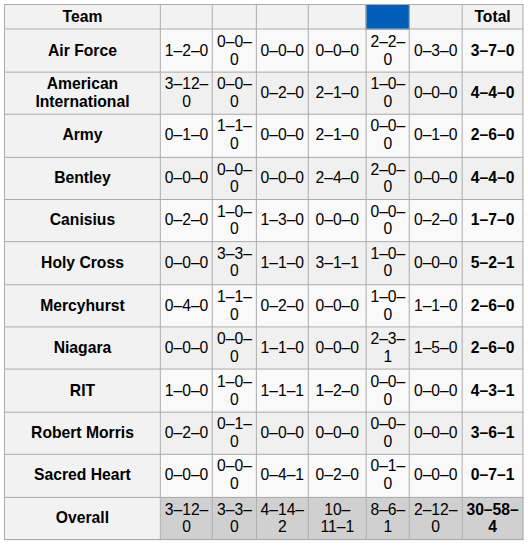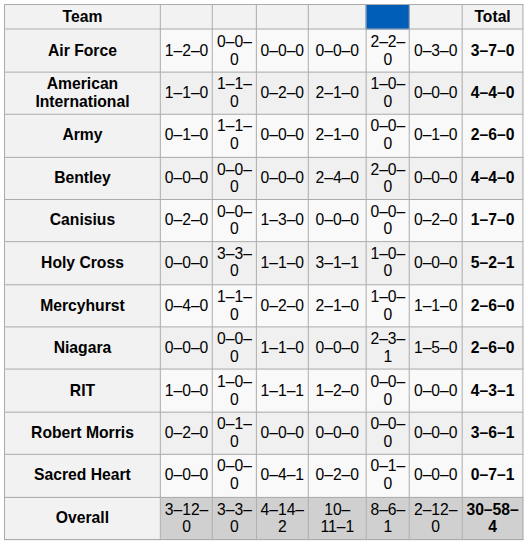 <table class="wikitable" style="text-align: center; "width=60%">
 <tr>
 <th>Team</th>
 <th><a href='#'></a></th>
 <th><a href='#'></a></th>
 <th><a href='#'></a></th>
 <th><a href='#'></a></th>
 <th style="color:white; background:#005EB8"><a href='#'></a></th>
 <th><a href='#'></a></th>
 <th>Total</th>
 </tr>
 <tr>
 <th>Air Force</th>
 <td>1–2–0</td>
 <td>0–0–0</td>
 <td>0–0–0</td>
 <td>0–0–0</td>
 <td>2–2–0</td>
 <td>0–3–0</td>
 <td><strong>3–7–0</strong></td>
 </tr>
 <tr bgcolor=f0f0f0>
 <th>American International</th>
-<td>3–12–0</td>
-<td>0–0–0</td>
+<td>1–1–0</td>
+<td>1–1–0</td>
 <td>0–2–0</td>
 <td>2–1–0</td>
 <td>1–0–0</td>
 <td>0–0–0</td>
 <td><strong>4–4–0</strong></td>
 </tr>
 <tr>
 <th>Army</th>
 <td>0–1–0</td>
 <td>1–1–0</td>
 <td>0–0–0</td>
 <td>2–1–0</td>
 <td>0–0–0</td>
 <td>0–1–0</td>
 <td><strong>2–6–0</strong></td>
 </tr>
 <tr bgcolor=f0f0f0>
 <th>Bentley</th>
 <td>0–0–0</td>
 <td>0–0–0</td>
 <td>0–0–0</td>
 <td>2–4–0</td>
 <td>2–0–0</td>
 <td>0–0–0</td>
 <td><strong>4–4–0</strong></td>
 </tr>
 <tr>
 <th>Canisius</th>
 <td>0–2–0</td>
-<td>1–0–0</td>
+<td>0–0–0</td>
 <td>1–3–0</td>
 <td>0–0–0</td>
 <td>0–0–0</td>
 <td>0–2–0</td>
 <td><strong>1–7–0</strong></td>
 </tr>
 <tr bgcolor=f0f0f0>
 <th>Holy Cross</th>
 <td>0–0–0</td>
 <td>3–3–0</td>
 <td>1–1–0</td>
 <td>3–1–1</td>
 <td>1–0–0</td>
 <td>0–0–0</td>
 <td><strong>5–2–1</strong></td>
 </tr>
 <tr>
 <th>Mercyhurst</th>
 <td>0–4–0</td>
 <td>1–1–0</td>
 <td>0–2–0</td>
-<td>0–0–0</td>
+<td>2–1–0</td>
 <td>1–0–0</td>
 <td>1–1–0</td>
 <td><strong>2–6–0</strong></td>
 </tr>
 <tr bgcolor=f0f0f0>
 <th>Niagara</th>
 <td>0–0–0</td>
 <td>0–0–0</td>
 <td>1–1–0</td>
 <td>0–0–0</td>
 <td>2–3–1</td>
 <td>1–5–0</td>
 <td><strong>2–6–0</strong></td>
 </tr>
 <tr>
 <th>RIT</th>
 <td>1–0–0</td>
 <td>1–0–0</td>
 <td>1–1–1</td>
 <td>1–2–0</td>
 <td>0–0–0</td>
 <td>0–0–0</td>
 <td><strong>4–3–1</strong></td>
 </tr>
 <tr bgcolor=f0f0f0>
 <th>Robert Morris</th>
 <td>0–2–0</td>
 <td>0–1–0</td>
 <td>0–0–0</td>
 <td>0–0–0</td>
 <td>0–0–0</td>
 <td>0–0–0</td>
 <td><strong>3–6–1</strong></td>
 </tr>
 <tr>
 <th>Sacred Heart</th>
 <td>0–0–0</td>
 <td>0–0–0</td>
 <td>0–4–1</td>
 <td>0–2–0</td>
 <td>0–1–0</td>
 <td>0–0–0</td>
 <td><strong>0–7–1</strong></td>
 </tr>
 <tr bgcolor=d0d0d0>
 <th>Overall</th>
 <td>3–12–0</td>
 <td>3–3–0</td>
 <td>4–14–2</td>
 <td>10–11–1</td>
 <td>8–6–1</td>
 <td>2–12–0</td>
 <td><strong>30–58–4</strong></td>
 </tr>
 <tr>
 </tr>
 </table>
